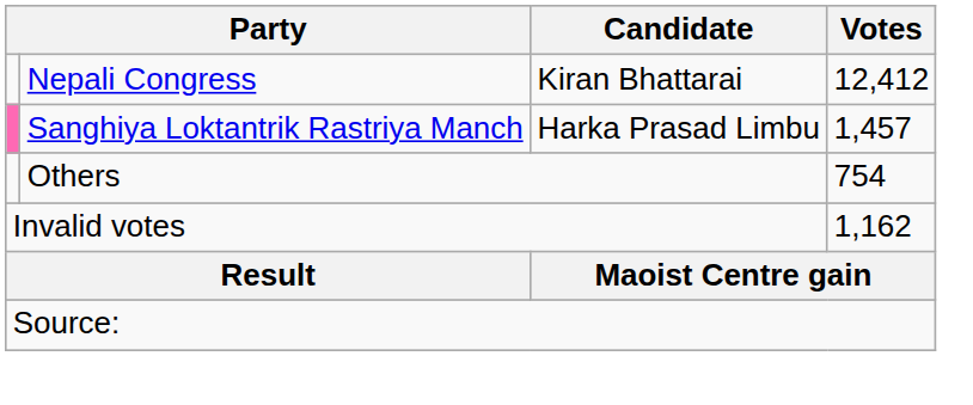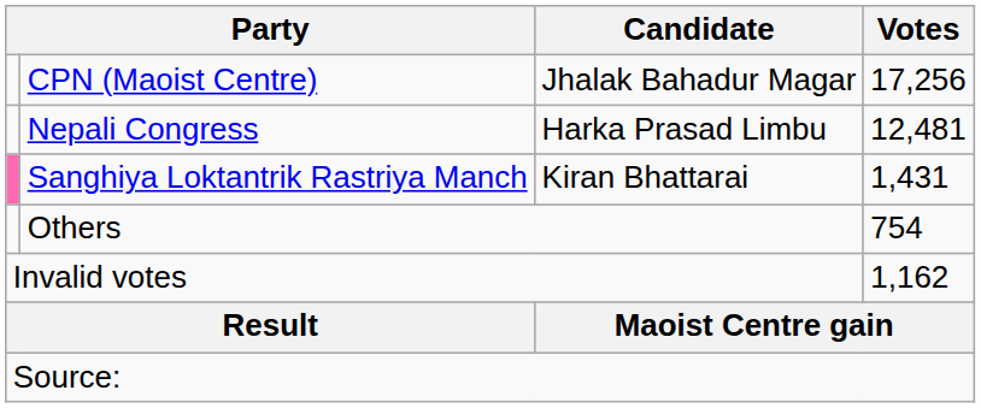 <table class="wikitable">
 <tr>
 <th colspan="2">Party</th>
 <th>Candidate</th>
 <th>Votes</th>
 </tr>
 <tr>
 <td style="background-color:"></td>
+<td><a href='#'>CPN (Maoist Centre)</a></td>
+<td>Jhalak Bahadur Magar</td>
+<td>17,256</td>
+</tr>
+<tr>
+<td style="background-color:"></td>
 <td><a href='#'>Nepali Congress</a></td>
-<td>Kiran Bhattarai</td>
-<td>12,412</td>
+<td>Harka Prasad Limbu</td>
+<td>12,481</td>
 </tr>
 <tr>
 <td style="background-color:hotpink"></td>
 <td><a href='#'>Sanghiya Loktantrik Rastriya Manch</a></td>
-<td>Harka Prasad Limbu</td>
-<td>1,457</td>
+<td>Kiran Bhattarai</td>
+<td>1,431</td>
 </tr>
 <tr>
 <td></td>
 <td colspan="2">Others</td>
 <td>754</td>
 </tr>
 <tr>
 <td colspan="3">Invalid votes</td>
 <td>1,162</td>
 </tr>
 <tr>
 <th colspan="2">Result</th>
 <th colspan="2">Maoist Centre gain</th>
 </tr>
 <tr>
 <td colspan="4">Source: </td>
 </tr>
 </table>
